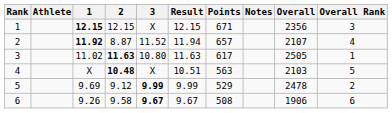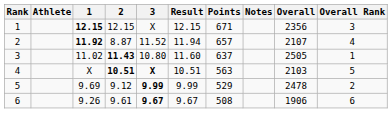 <table class="wikitable sortable" style="text-align:center">
 <tr>
 <th>Rank</th>
 <th>Athlete</th>
 <th>1</th>
 <th>2</th>
 <th>3</th>
 <th>Result</th>
 <th>Points</th>
 <th>Notes</th>
 <th>Overall</th>
 <th>Overall Rank</th>
 </tr>
 <tr>
 <td>1</td>
 <td align=left></td>
 <td><strong>12.15</strong></td>
 <td>12.15</td>
 <td>X</td>
 <td>12.15</td>
 <td>671</td>
 <td></td>
 <td>2356</td>
 <td>3</td>
 </tr>
 <tr>
 <td>2</td>
 <td align=left></td>
 <td><strong>11.92</strong></td>
 <td>8.87</td>
 <td>11.52</td>
 <td>11.94</td>
 <td>657</td>
 <td></td>
 <td>2107</td>
 <td>4</td>
 </tr>
 <tr>
 <td>3</td>
 <td align=left></td>
 <td>11.02</td>
-<td><strong>11.63</strong></td>
+<td><strong>11.43</strong></td>
 <td>10.80</td>
-<td>11.63</td>
-<td>617</td>
+<td>11.60</td>
+<td>637</td>
 <td></td>
 <td>2505</td>
 <td>1</td>
 </tr>
 <tr>
 <td>4</td>
 <td align=left></td>
 <td>X</td>
-<td><strong>10.48</strong></td>
-<td>X</td>
+<td><strong>10.51</strong></td>
+<td><strong>X</strong></td>
 <td>10.51</td>
 <td>563</td>
 <td></td>
 <td>2103</td>
 <td>5</td>
 </tr>
 <tr>
 <td>5</td>
 <td align=left></td>
 <td>9.69</td>
 <td>9.12</td>
 <td><strong>9.99</strong></td>
 <td>9.99</td>
 <td>529</td>
 <td></td>
 <td>2478</td>
 <td>2</td>
 </tr>
 <tr>
 <td>6</td>
 <td align=left></td>
 <td>9.26</td>
-<td>9.58</td>
+<td>9.61</td>
 <td><strong>9.67</strong></td>
 <td>9.67</td>
 <td>508</td>
 <td></td>
 <td>1906</td>
 <td>6</td>
 </tr>
 </table>
